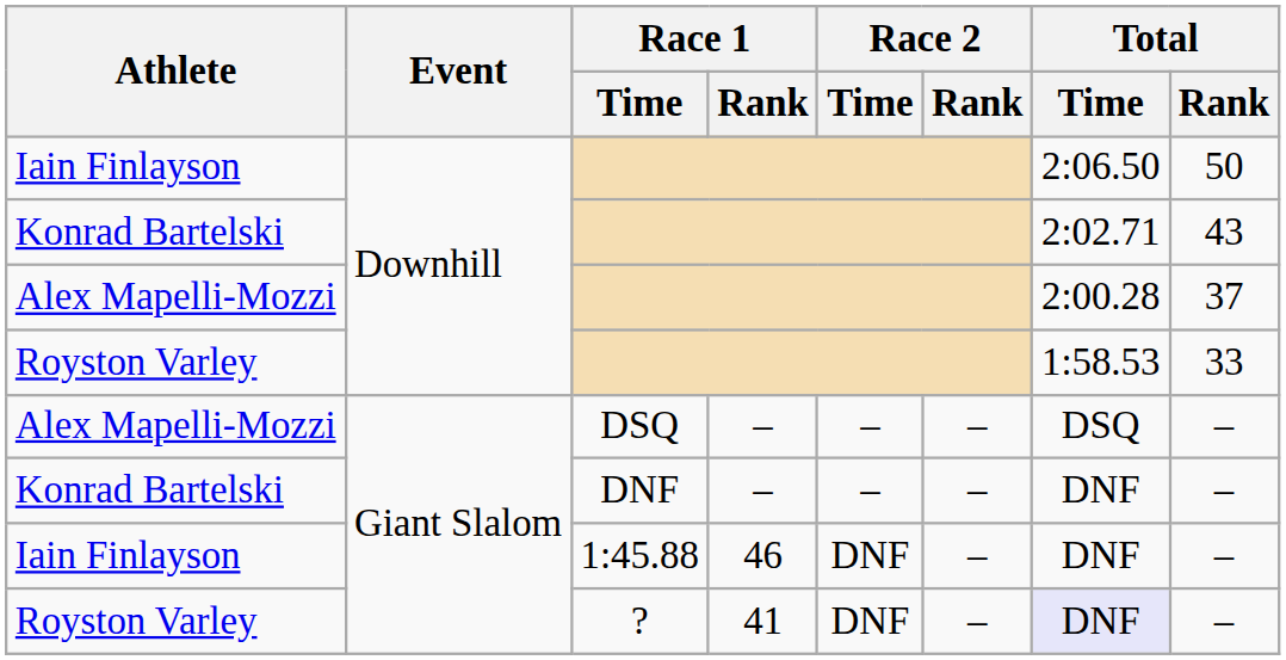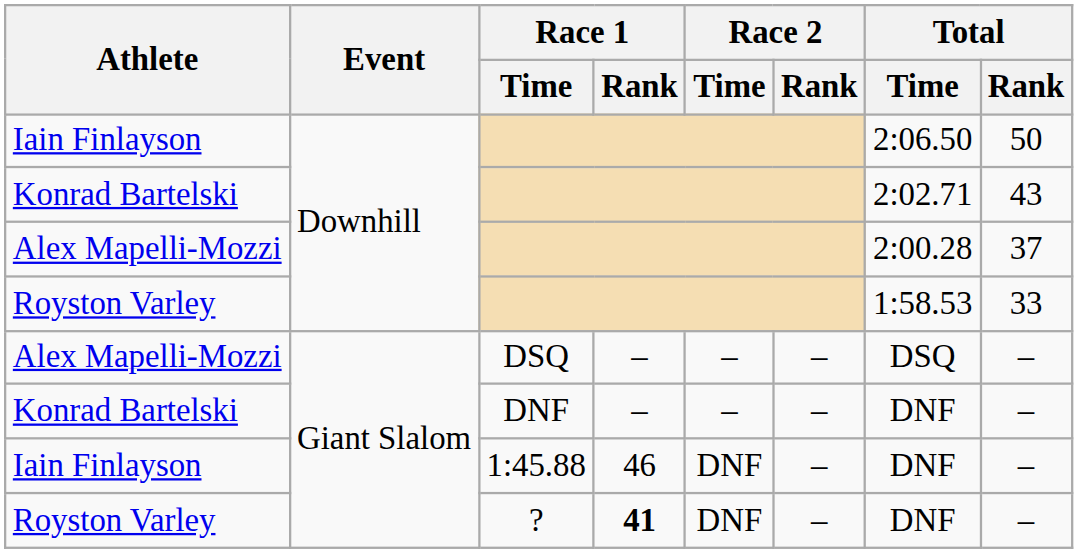 <table class="wikitable" style="font-size:90%">
 <tr>
 <th rowspan="2">Athlete</th>
 <th rowspan="2">Event</th>
 <th colspan="2">Race 1</th>
 <th colspan="2">Race 2</th>
 <th colspan="2">Total</th>
 </tr>
 <tr>
 <th>Time</th>
 <th>Rank</th>
 <th>Time</th>
 <th>Rank</th>
 <th>Time</th>
 <th>Rank</th>
 </tr>
 <tr>
 <td><a href='#'>Iain Finlayson</a></td>
 <td rowspan="4">Downhill</td>
 <td colspan="4" bgcolor="wheat"></td>
 <td align="center">2:06.50</td>
 <td align="center">50</td>
 </tr>
 <tr>
 <td><a href='#'>Konrad Bartelski</a></td>
 <td colspan="4" bgcolor="wheat"></td>
 <td align="center">2:02.71</td>
 <td align="center">43</td>
 </tr>
 <tr>
 <td><a href='#'>Alex Mapelli-Mozzi</a></td>
 <td colspan="4" bgcolor="wheat"></td>
 <td align="center">2:00.28</td>
 <td align="center">37</td>
 </tr>
 <tr>
 <td><a href='#'>Royston Varley</a></td>
 <td colspan="4" bgcolor="wheat"></td>
 <td align="center">1:58.53</td>
 <td align="center">33</td>
 </tr>
 <tr>
 <td><a href='#'>Alex Mapelli-Mozzi</a></td>
 <td rowspan="4">Giant Slalom</td>
 <td align="center">DSQ</td>
 <td align="center">–</td>
 <td align="center">–</td>
 <td align="center">–</td>
 <td align="center">DSQ</td>
 <td align="center">–</td>
 </tr>
 <tr>
 <td><a href='#'>Konrad Bartelski</a></td>
 <td align="center">DNF</td>
 <td align="center">–</td>
 <td align="center">–</td>
 <td align="center">–</td>
 <td align="center">DNF</td>
 <td align="center">–</td>
 </tr>
 <tr>
 <td><a href='#'>Iain Finlayson</a></td>
 <td align="center">1:45.88</td>
 <td align="center">46</td>
 <td align="center">DNF</td>
 <td align="center">–</td>
 <td align="center">DNF</td>
 <td align="center">–</td>
 </tr>
 <tr>
 <td><a href='#'>Royston Varley</a></td>
 <td align="center">?</td>
-<td align="center">41</td>
+<td align="center"><strong>41</strong></td>
 <td align="center">DNF</td>
 <td align="center">–</td>
-<td align="center" style="background: lavender;">DNF</td>
+<td align="center">DNF</td>
 <td align="center">–</td>
 </tr>
 </table>
